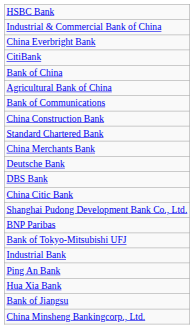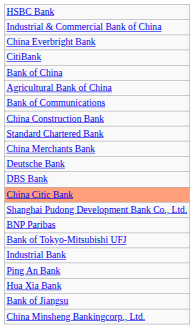 <table class="wikitable">
 <tr>
 <td><a href='#'>HSBC Bank</a></td>
 </tr>
 <tr>
 <td><a href='#'>Industrial & Commercial Bank of China</a></td>
 </tr>
 <tr>
 <td><a href='#'>China Everbright Bank</a></td>
 </tr>
 <tr>
 <td><a href='#'>CitiBank</a></td>
 </tr>
 <tr>
 <td><a href='#'>Bank of China</a></td>
 </tr>
 <tr>
 <td><a href='#'>Agricultural Bank of China</a></td>
 </tr>
 <tr>
 <td><a href='#'>Bank of Communications</a></td>
 </tr>
 <tr>
 <td><a href='#'>China Construction Bank</a></td>
 </tr>
 <tr>
 <td><a href='#'>Standard Chartered Bank</a></td>
 </tr>
 <tr>
 <td><a href='#'>China Merchants Bank</a></td>
 </tr>
 <tr>
 <td><a href='#'>Deutsche Bank</a></td>
 </tr>
 <tr>
 <td><a href='#'>DBS Bank</a></td>
 </tr>
 <tr>
-<td><a href='#'>China Citic Bank</a></td>
+<td style="background: lightsalmon;"><a href='#'>China Citic Bank</a></td>
 </tr>
 <tr>
 <td><a href='#'>Shanghai Pudong Development Bank Co., Ltd.</a></td>
 </tr>
 <tr>
 <td><a href='#'>BNP Paribas</a></td>
 </tr>
 <tr>
 <td><a href='#'>Bank of Tokyo-Mitsubishi UFJ</a></td>
 </tr>
 <tr>
 <td><a href='#'>Industrial Bank</a></td>
 </tr>
 <tr>
 <td><a href='#'>Ping An Bank</a></td>
 </tr>
 <tr>
 <td><a href='#'>Hua Xia Bank</a></td>
 </tr>
 <tr>
 <td><a href='#'>Bank of Jiangsu</a></td>
 </tr>
 <tr>
 <td><a href='#'>China Minsheng Bankingcorp., Ltd.</a></td>
 </tr>
 </table>
